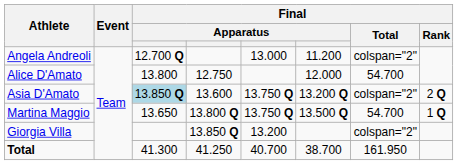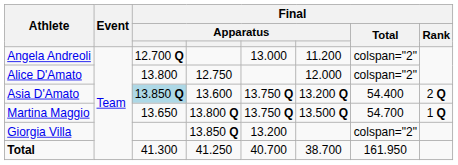 <table class="wikitable" style="font-size:90%">
 <tr>
 <th rowspan=3>Athlete</th>
 <th rowspan=3>Event</th>
 <th colspan=6>Final</th>
 </tr>
 <tr style="font-size:95%">
 <th colspan=4>Apparatus</th>
 <th rowspan=2>Total</th>
 <th rowspan=2>Rank</th>
 </tr>
 <tr style="font-size:95%">
 <th></th>
 <th></th>
 <th></th>
 <th></th>
 </tr>
 <tr align=center>
 <td align=left><a href='#'>Angela Andreoli</a></td>
 <td align=left rowspan=6><a href='#'>Team</a></td>
 <td>12.700 <strong>Q</strong></td>
 <td></td>
 <td>13.000</td>
 <td>11.200</td>
 <td>colspan="2" </td>
 </tr>
 <tr align=center>
 <td align=left><a href='#'>Alice D'Amato</a></td>
 <td>13.800</td>
 <td>12.750</td>
 <td></td>
 <td>12.000</td>
-<td>54.700</td>
+<td>colspan="2" </td>
 </tr>
 <tr align=center>
 <td align=left><a href='#'>Asia D'Amato</a></td>
 <td style="background: lightblue;">13.850 <strong>Q</strong></td>
 <td>13.600</td>
 <td>13.750 <strong>Q</strong></td>
 <td>13.200 <strong>Q</strong></td>
-<td>colspan="2" </td>
+<td>54.400</td>
 <td>2 <strong>Q</strong></td>
 </tr>
 <tr align=center>
 <td align=left><a href='#'>Martina Maggio</a></td>
 <td>13.650</td>
 <td>13.800 <strong>Q</strong></td>
 <td>13.750 <strong>Q</strong></td>
 <td>13.500 <strong>Q</strong></td>
 <td>54.700</td>
 <td>1 <strong>Q</strong></td>
 </tr>
 <tr align=center>
 <td align=left><a href='#'>Giorgia Villa</a></td>
 <td></td>
 <td>13.850 <strong>Q</strong></td>
 <td>13.200</td>
 <td></td>
 <td>colspan="2" </td>
 </tr>
 <tr align=center>
 <td align=left><strong>Total</strong></td>
 <td>41.300</td>
 <td>41.250</td>
 <td>40.700</td>
 <td>38.700</td>
 <td>161.950</td>
 <td></td>
 </tr>
 </table>
